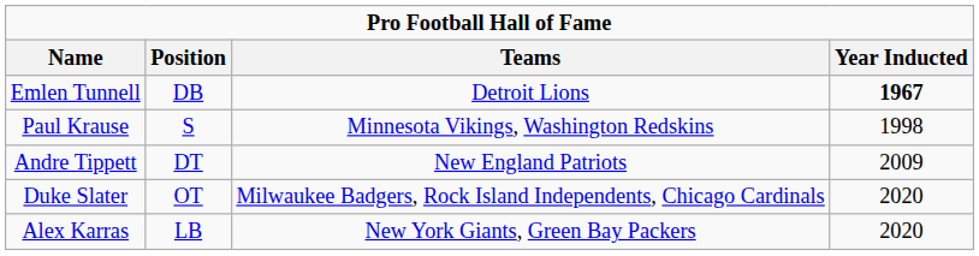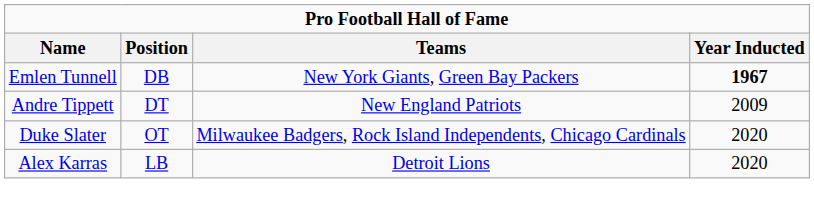 <table class="wikitable sortable" style="text-align:center">
 <tr>
 <td colspan="4"><strong>Pro Football Hall of Fame</strong></td>
 </tr>
 <tr>
 <th>Name</th>
 <th>Position</th>
 <th>Teams</th>
 <th>Year Inducted</th>
 </tr>
 <tr>
 <td><a href='#'>Emlen Tunnell</a></td>
 <td><a href='#'>DB</a></td>
-<td><a href='#'>Detroit Lions</a></td>
+<td><a href='#'>New York Giants</a>, <a href='#'>Green Bay Packers</a></td>
 <td><strong>1967</strong></td>
-</tr>
-<tr>
-<td><a href='#'>Paul Krause</a></td>
-<td><a href='#'>S</a></td>
-<td><a href='#'>Minnesota Vikings</a>, <a href='#'>Washington Redskins</a></td>
-<td>1998</td>
 </tr>
 <tr>
 <td><a href='#'>Andre Tippett</a></td>
 <td><a href='#'>DT</a></td>
 <td><a href='#'>New England Patriots</a></td>
 <td>2009</td>
 </tr>
 <tr>
 <td><a href='#'>Duke Slater</a></td>
 <td><a href='#'>OT</a></td>
 <td><a href='#'>Milwaukee Badgers</a>, <a href='#'>Rock Island Independents</a>, <a href='#'>Chicago Cardinals</a></td>
 <td>2020</td>
 </tr>
 <tr>
 <td><a href='#'>Alex Karras</a></td>
 <td><a href='#'>LB</a></td>
-<td><a href='#'>New York Giants</a>, <a href='#'>Green Bay Packers</a></td>
+<td><a href='#'>Detroit Lions</a></td>
 <td>2020</td>
 </tr>
 </table>
